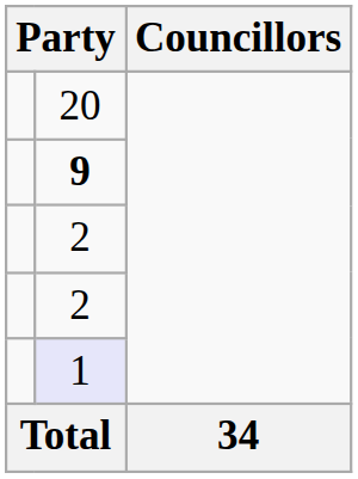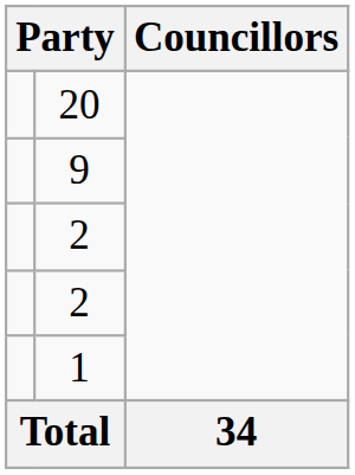 <table class="wikitable">
 <tr>
 <th colspan=2>Party</th>
 <th>Councillors</th>
 </tr>
 <tr>
 <td></td>
 <td align=center>20</td>
 </tr>
 <tr>
 <td></td>
-<td align=center><strong>9</strong></td>
+<td align=center>9</td>
 </tr>
 <tr>
 <td></td>
 <td align=center>2</td>
 </tr>
 <tr>
 <td></td>
 <td align=center>2</td>
 </tr>
 <tr>
 <td></td>
-<td align=center style="background: lavender;">1</td>
+<td align=center>1</td>
 </tr>
 <tr>
 <th colspan=2>Total</th>
 <th align=center>34</th>
 </tr>
 </table>
